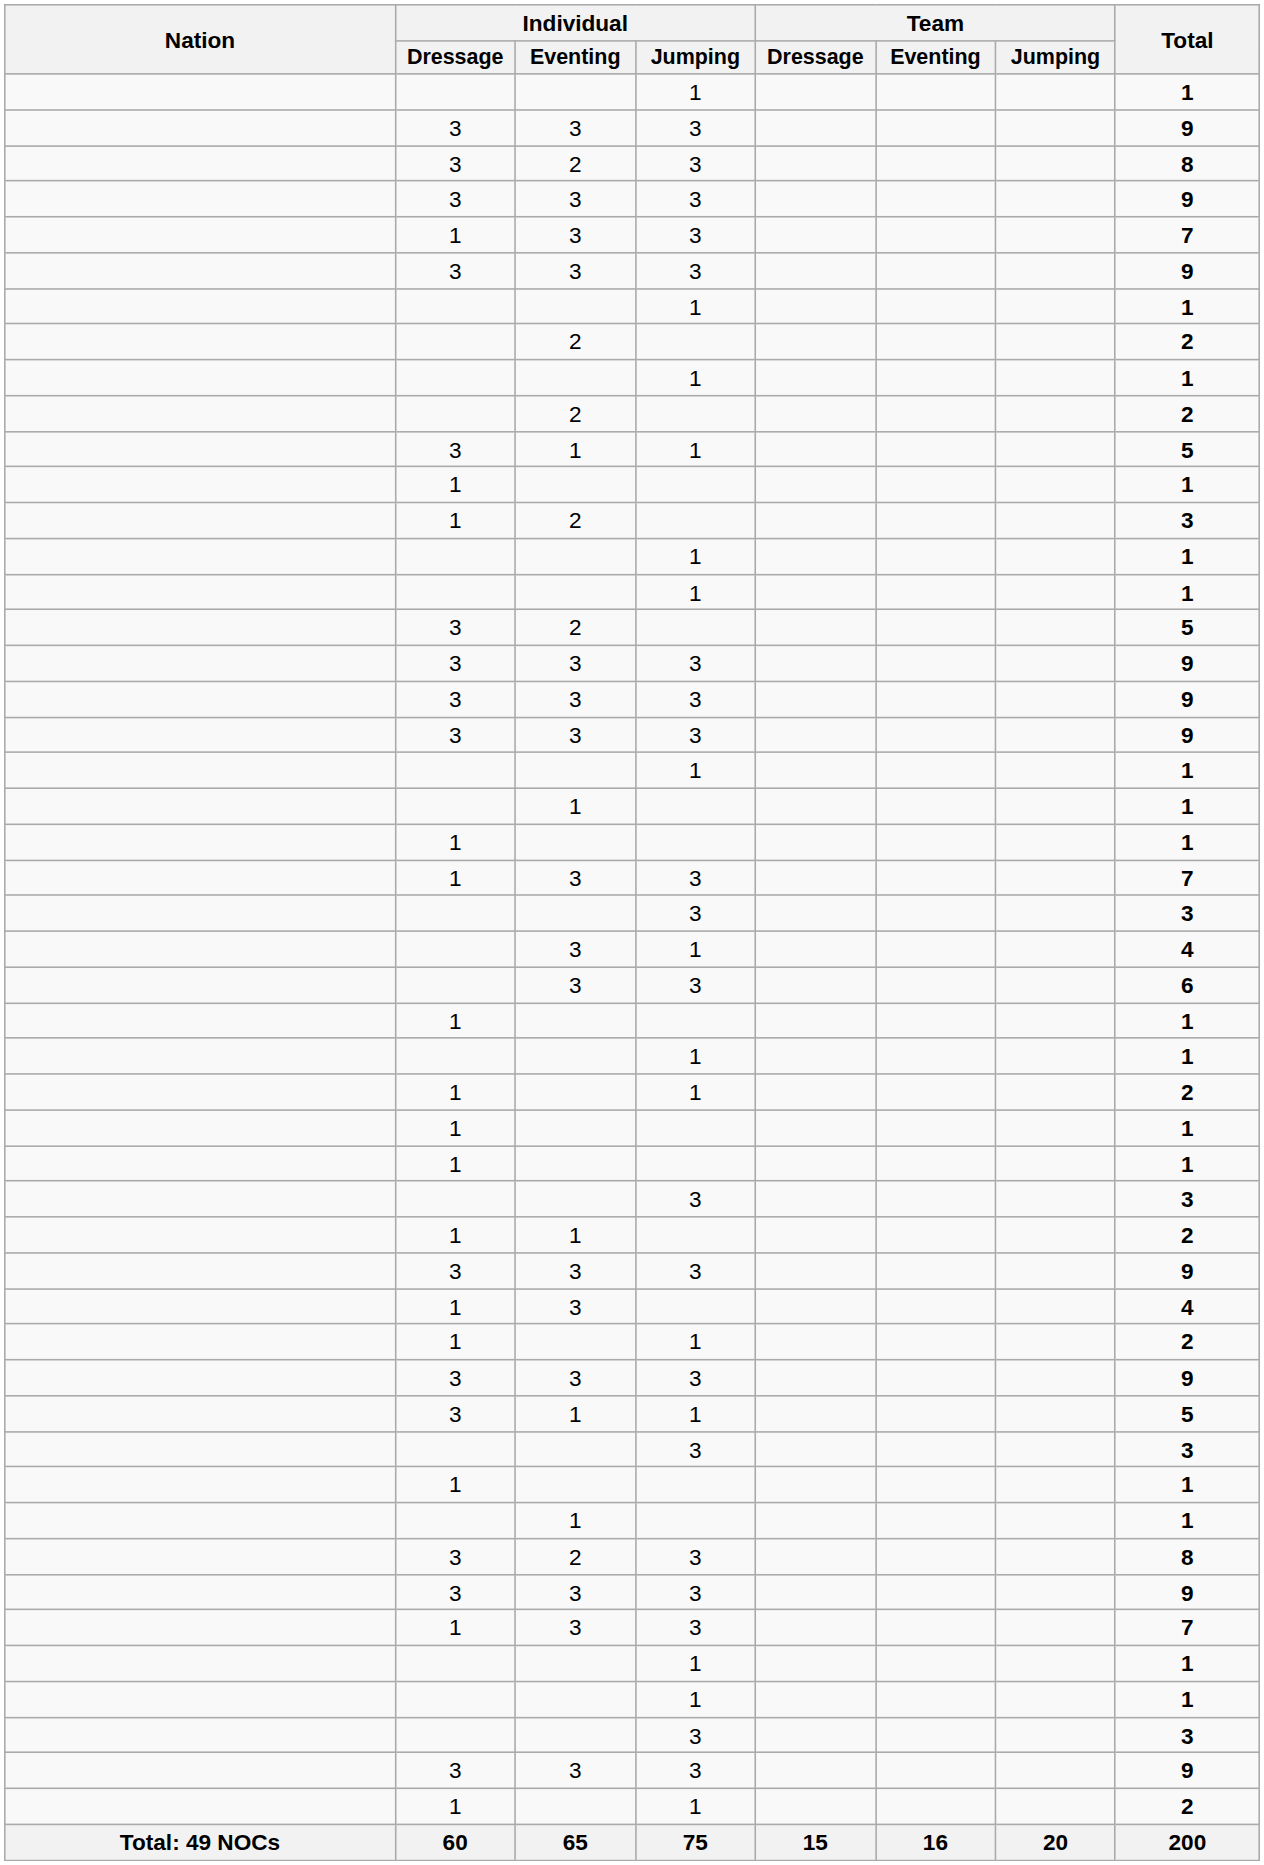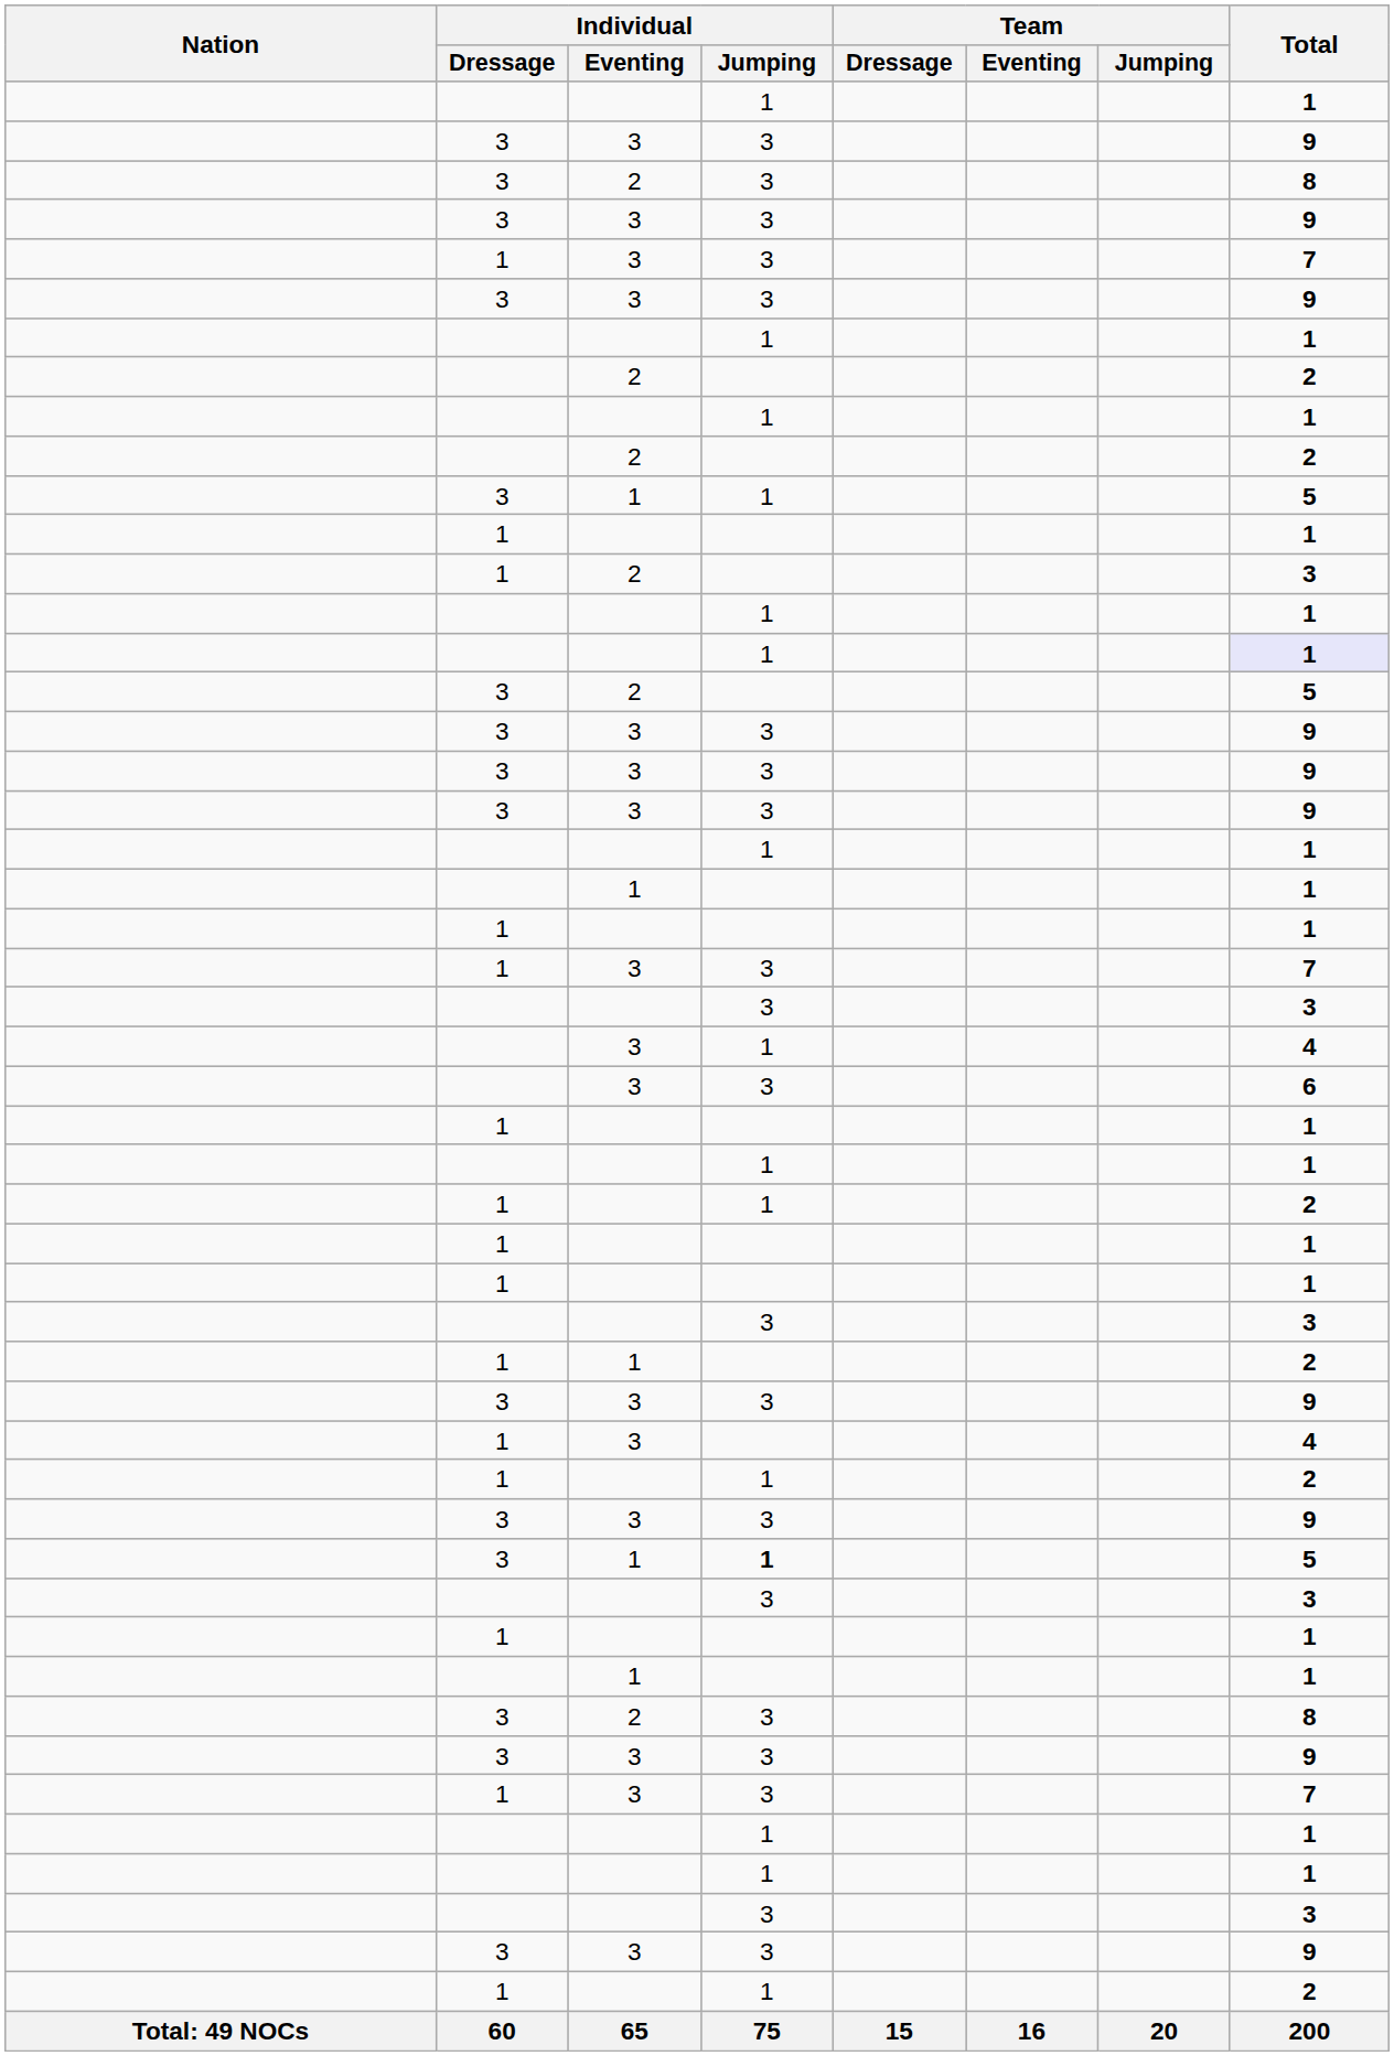 <table class="wikitable sortable" width=800 style="text-align:center; font-size:90%">
 <tr>
 <th rowspan="2" align="left">Nation</th>
 <th colspan="3">Individual</th>
 <th colspan="3">Team</th>
 <th rowspan="2">Total</th>
 </tr>
 <tr style="font-size:95%">
 <th width=70>Dressage</th>
 <th width=70>Eventing</th>
 <th width=70>Jumping</th>
 <th width=70>Dressage</th>
 <th width=70>Eventing</th>
 <th width=70>Jumping</th>
 </tr>
 <tr>
 <td align=left></td>
 <td></td>
 <td></td>
 <td>1</td>
 <td></td>
 <td></td>
 <td></td>
 <td><strong>1</strong></td>
 </tr>
 <tr>
 <td align=left></td>
 <td>3</td>
 <td>3</td>
 <td>3</td>
 <td></td>
 <td></td>
 <td></td>
 <td><strong>9</strong></td>
 </tr>
 <tr>
 <td align=left></td>
 <td>3</td>
 <td>2</td>
 <td>3</td>
 <td></td>
 <td></td>
 <td></td>
 <td><strong>8</strong></td>
 </tr>
 <tr>
 <td align=left></td>
 <td>3</td>
 <td>3</td>
 <td>3</td>
 <td></td>
 <td></td>
 <td></td>
 <td><strong>9</strong></td>
 </tr>
 <tr>
 <td align=left></td>
 <td>1</td>
 <td>3</td>
 <td>3</td>
 <td></td>
 <td></td>
 <td></td>
 <td><strong>7</strong></td>
 </tr>
 <tr>
 <td align=left></td>
 <td>3</td>
 <td>3</td>
 <td>3</td>
 <td></td>
 <td></td>
 <td></td>
 <td><strong>9</strong></td>
 </tr>
 <tr>
 <td align=left></td>
 <td></td>
 <td></td>
 <td>1</td>
 <td></td>
 <td></td>
 <td></td>
 <td><strong>1</strong></td>
 </tr>
 <tr>
 <td align=left></td>
 <td></td>
 <td>2</td>
 <td></td>
 <td></td>
 <td></td>
 <td></td>
 <td><strong>2</strong></td>
 </tr>
 <tr>
 <td align=left></td>
 <td></td>
 <td></td>
 <td>1</td>
 <td></td>
 <td></td>
 <td></td>
 <td><strong>1</strong></td>
 </tr>
 <tr>
 <td align=left></td>
 <td></td>
 <td>2</td>
 <td></td>
 <td></td>
 <td></td>
 <td></td>
 <td><strong>2</strong></td>
 </tr>
 <tr>
 <td align=left></td>
 <td>3</td>
 <td>1</td>
 <td>1</td>
 <td></td>
 <td></td>
 <td></td>
 <td><strong>5</strong></td>
 </tr>
 <tr>
 <td align=left></td>
 <td>1</td>
 <td></td>
 <td></td>
 <td></td>
 <td></td>
 <td></td>
 <td><strong>1</strong></td>
 </tr>
 <tr>
 <td align=left></td>
 <td>1</td>
 <td>2</td>
 <td></td>
 <td></td>
 <td></td>
 <td></td>
 <td><strong>3</strong></td>
 </tr>
 <tr>
 <td align=left></td>
 <td></td>
 <td></td>
 <td>1</td>
 <td></td>
 <td></td>
 <td></td>
 <td><strong>1</strong></td>
 </tr>
 <tr>
 <td align=left></td>
 <td></td>
 <td></td>
 <td>1</td>
 <td></td>
 <td></td>
 <td></td>
-<td><strong>1</strong></td>
+<td style="background: lavender;"><strong>1</strong></td>
 </tr>
 <tr>
 <td align=left></td>
 <td>3</td>
 <td>2</td>
 <td></td>
 <td></td>
 <td></td>
 <td></td>
 <td><strong>5</strong></td>
 </tr>
 <tr>
 <td align=left></td>
 <td>3</td>
 <td>3</td>
 <td>3</td>
 <td></td>
 <td></td>
 <td></td>
 <td><strong>9</strong></td>
 </tr>
 <tr>
 <td align=left></td>
 <td>3</td>
 <td>3</td>
 <td>3</td>
 <td></td>
 <td></td>
 <td></td>
 <td><strong>9</strong></td>
 </tr>
 <tr>
 <td align=left></td>
 <td>3</td>
 <td>3</td>
 <td>3</td>
 <td></td>
 <td></td>
 <td></td>
 <td><strong>9</strong></td>
 </tr>
 <tr>
 <td align=left></td>
 <td></td>
 <td></td>
 <td>1</td>
 <td></td>
 <td></td>
 <td></td>
 <td><strong>1</strong></td>
 </tr>
 <tr>
 <td align=left></td>
 <td></td>
 <td>1</td>
 <td></td>
 <td></td>
 <td></td>
 <td></td>
 <td><strong>1</strong></td>
 </tr>
 <tr>
 <td align=left></td>
 <td>1</td>
 <td></td>
 <td></td>
 <td></td>
 <td></td>
 <td></td>
 <td><strong>1</strong></td>
 </tr>
 <tr>
 <td align=left></td>
 <td>1</td>
 <td>3</td>
 <td>3</td>
 <td></td>
 <td></td>
 <td></td>
 <td><strong>7</strong></td>
 </tr>
 <tr>
 <td align=left></td>
 <td></td>
 <td></td>
 <td>3</td>
 <td></td>
 <td></td>
 <td></td>
 <td><strong>3</strong></td>
 </tr>
 <tr>
 <td align=left></td>
 <td></td>
 <td>3</td>
 <td>1</td>
 <td></td>
 <td></td>
 <td></td>
 <td><strong>4</strong></td>
 </tr>
 <tr>
 <td align=left></td>
 <td></td>
 <td>3</td>
 <td>3</td>
 <td></td>
 <td></td>
 <td></td>
 <td><strong>6</strong></td>
 </tr>
 <tr>
 <td align=left></td>
 <td>1</td>
 <td></td>
 <td></td>
 <td></td>
 <td></td>
 <td></td>
 <td><strong>1</strong></td>
 </tr>
 <tr>
 <td align=left></td>
 <td></td>
 <td></td>
 <td>1</td>
 <td></td>
 <td></td>
 <td></td>
 <td><strong>1</strong></td>
 </tr>
 <tr>
 <td align=left></td>
 <td>1</td>
 <td></td>
 <td>1</td>
 <td></td>
 <td></td>
 <td></td>
 <td><strong>2</strong></td>
 </tr>
 <tr>
 <td align=left></td>
 <td>1</td>
 <td></td>
 <td></td>
 <td></td>
 <td></td>
 <td></td>
 <td><strong>1</strong></td>
 </tr>
 <tr>
 <td align=left></td>
 <td>1</td>
 <td></td>
 <td></td>
 <td></td>
 <td></td>
 <td></td>
 <td><strong>1</strong></td>
 </tr>
 <tr>
 <td align=left></td>
 <td></td>
 <td></td>
 <td>3</td>
 <td></td>
 <td></td>
 <td></td>
 <td><strong>3</strong></td>
 </tr>
 <tr>
 <td align=left></td>
 <td>1</td>
 <td>1</td>
 <td></td>
 <td></td>
 <td></td>
 <td></td>
 <td><strong>2</strong></td>
 </tr>
 <tr>
 <td align=left></td>
 <td>3</td>
 <td>3</td>
 <td>3</td>
 <td></td>
 <td></td>
 <td></td>
 <td><strong>9</strong></td>
 </tr>
 <tr>
 <td align=left></td>
 <td>1</td>
 <td>3</td>
 <td></td>
 <td></td>
 <td></td>
 <td></td>
 <td><strong>4</strong></td>
 </tr>
 <tr>
 <td align=left></td>
 <td>1</td>
 <td></td>
 <td>1</td>
 <td></td>
 <td></td>
 <td></td>
 <td><strong>2</strong></td>
 </tr>
 <tr>
 <td align=left></td>
 <td>3</td>
 <td>3</td>
 <td>3</td>
 <td></td>
 <td></td>
 <td></td>
 <td><strong>9</strong></td>
 </tr>
 <tr>
 <td align=left></td>
 <td>3</td>
 <td>1</td>
-<td>1</td>
+<td><strong>1</strong></td>
 <td></td>
 <td></td>
 <td></td>
 <td><strong>5</strong></td>
 </tr>
 <tr>
 <td align=left></td>
 <td></td>
 <td></td>
 <td>3</td>
 <td></td>
 <td></td>
 <td></td>
 <td><strong>3</strong></td>
 </tr>
 <tr>
 <td align=left></td>
 <td>1</td>
 <td></td>
 <td></td>
 <td></td>
 <td></td>
 <td></td>
 <td><strong>1</strong></td>
 </tr>
 <tr>
 <td align=left></td>
 <td></td>
 <td>1</td>
 <td></td>
 <td></td>
 <td></td>
 <td></td>
 <td><strong>1</strong></td>
 </tr>
 <tr>
 <td align=left></td>
 <td>3</td>
 <td>2</td>
 <td>3</td>
 <td></td>
 <td></td>
 <td></td>
 <td><strong>8</strong></td>
 </tr>
 <tr>
 <td align=left></td>
 <td>3</td>
 <td>3</td>
 <td>3</td>
 <td></td>
 <td></td>
 <td></td>
 <td><strong>9</strong></td>
 </tr>
 <tr>
 <td align=left></td>
 <td>1</td>
 <td>3</td>
 <td>3</td>
 <td></td>
 <td></td>
 <td></td>
 <td><strong>7</strong></td>
 </tr>
 <tr>
 <td align=left></td>
 <td></td>
 <td></td>
 <td>1</td>
 <td></td>
 <td></td>
 <td></td>
 <td><strong>1</strong></td>
 </tr>
 <tr>
 <td align=left></td>
 <td></td>
 <td></td>
 <td>1</td>
 <td></td>
 <td></td>
 <td></td>
 <td><strong>1</strong></td>
 </tr>
 <tr>
 <td align=left></td>
 <td></td>
 <td></td>
 <td>3</td>
 <td></td>
 <td></td>
 <td></td>
 <td><strong>3</strong></td>
 </tr>
 <tr>
 <td align=left></td>
 <td>3</td>
 <td>3</td>
 <td>3</td>
 <td></td>
 <td></td>
 <td></td>
 <td><strong>9</strong></td>
 </tr>
 <tr>
 <td align=left></td>
 <td>1</td>
 <td></td>
 <td>1</td>
 <td></td>
 <td></td>
 <td></td>
 <td><strong>2</strong></td>
 </tr>
 <tr>
 <th>Total: 49 NOCs</th>
 <th>60</th>
 <th>65</th>
 <th>75</th>
 <th>15</th>
 <th>16</th>
 <th>20</th>
 <th>200</th>
 </tr>
 </table>
